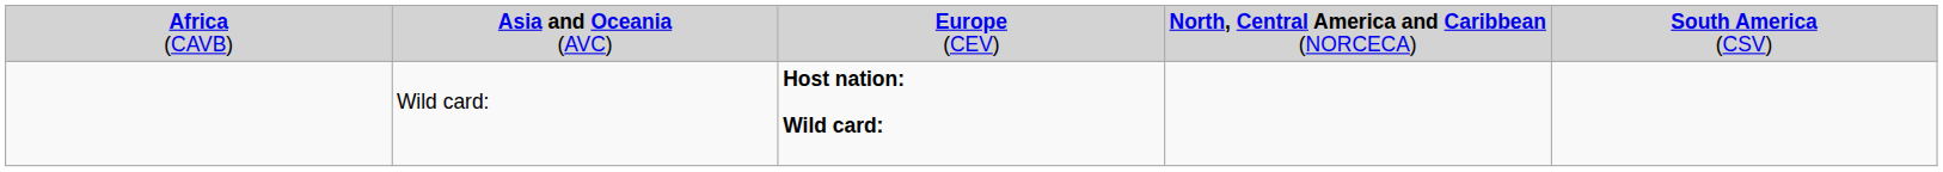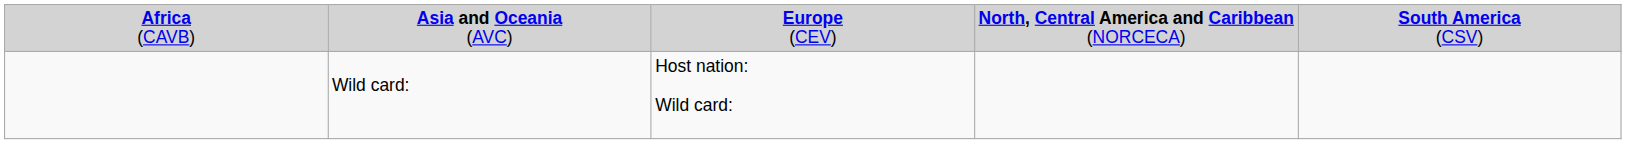 <table class="wikitable">
 <tr style="background:Lightgrey;">
 <td style="width:20%; text-align:center;"><strong><a href='#'>Africa</a></strong><br>(<a href='#'>CAVB</a>)</td>
 <td style="width:20%; text-align:center;"><strong><a href='#'>Asia</a> and <a href='#'>Oceania</a></strong><br>(<a href='#'>AVC</a>)</td>
 <td style="width:20%; text-align:center;"><strong><a href='#'>Europe</a></strong><br>(<a href='#'>CEV</a>)</td>
 <td style="width:20%; text-align:center;"><strong><a href='#'>North</a>, <a href='#'>Central</a> America and <a href='#'>Caribbean</a></strong><br>(<a href='#'>NORCECA</a>)</td>
 <td style="width:20%; text-align:center;"><strong><a href='#'>South America</a><br></strong>(<a href='#'>CSV</a>)</td>
 </tr>
 <tr>
 <td></td>
 <td>Wild card: <br><br></td>
-<td><strong>Host nation: <br><br>Wild card: <br><br></strong></td>
+<td>Host nation: <br><br>Wild card: <br><br></td>
 <td></td>
 <td></td>
 </tr>
 </table>
